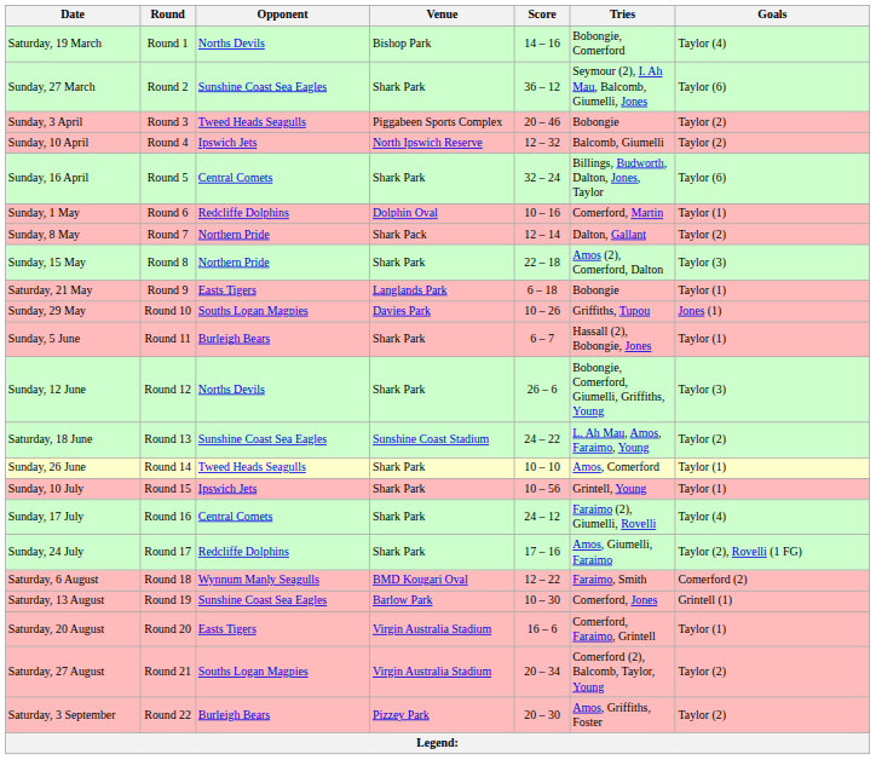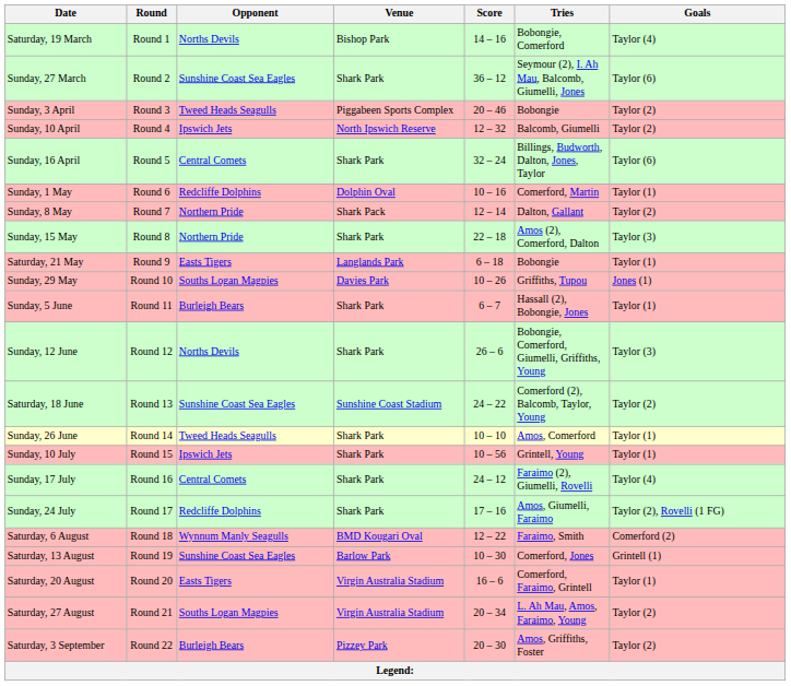 <table class="wikitable" style="font-size:75%;">
 <tr>
 <th style="width:130px;">Date</th>
 <th style="width:50px;">Round</th>
 <th style="width:170px;">Opponent</th>
 <th style="width:140px;">Venue</th>
 <th style="width:50px;">Score</th>
 <th style="width:300x;">Tries</th>
 <th style="width:190px;">Goals</th>
 </tr>
 <tr style="background:#CCFFCC">
 <td>Saturday, 19 March</td>
 <td style="text-align:center;">Round 1</td>
 <td> <a href='#'>Norths Devils</a></td>
 <td>Bishop Park</td>
 <td style="text-align:center;">14 – 16</td>
 <td>Bobongie, Comerford</td>
 <td>Taylor (4)</td>
 </tr>
 <tr style="background:#CCFFCC">
 <td>Sunday, 27 March</td>
 <td style="text-align:center;">Round 2</td>
 <td> <a href='#'>Sunshine Coast Sea Eagles</a></td>
 <td>Shark Park</td>
 <td style="text-align:center;">36 – 12</td>
 <td>Seymour (2), <a href='#'>I. Ah Mau</a>, Balcomb, Giumelli, <a href='#'>Jones</a></td>
 <td>Taylor (6)</td>
 </tr>
 <tr style="background:#FFBBBB">
 <td>Sunday, 3 April</td>
 <td style="text-align:center;">Round 3</td>
 <td> <a href='#'>Tweed Heads Seagulls</a></td>
 <td>Piggabeen Sports Complex</td>
 <td style="text-align:center;">20 – 46</td>
 <td>Bobongie</td>
 <td>Taylor (2)</td>
 </tr>
 <tr style="background:#FFBBBB">
 <td>Sunday, 10 April</td>
 <td style="text-align:center;">Round 4</td>
 <td> <a href='#'>Ipswich Jets</a></td>
 <td><a href='#'>North Ipswich Reserve</a></td>
 <td style="text-align:center;">12 – 32</td>
 <td>Balcomb, Giumelli</td>
 <td>Taylor (2)</td>
 </tr>
 <tr style="background:#CCFFCC">
 <td>Sunday, 16 April</td>
 <td style="text-align:center;">Round 5</td>
 <td> <a href='#'>Central Comets</a></td>
 <td>Shark Park</td>
 <td style="text-align:center;">32 – 24</td>
 <td>Billings, <a href='#'>Budworth</a>, Dalton, <a href='#'>Jones</a>, Taylor</td>
 <td>Taylor (6)</td>
 </tr>
 <tr style="background:#FFBBBB">
 <td>Sunday, 1 May</td>
 <td style="text-align:center;">Round 6</td>
 <td> <a href='#'>Redcliffe Dolphins</a></td>
 <td><a href='#'>Dolphin Oval</a></td>
 <td style="text-align:center;">10 – 16</td>
 <td>Comerford, <a href='#'>Martin</a></td>
 <td>Taylor (1)</td>
 </tr>
 <tr style="background:#FFBBBB">
 <td>Sunday, 8 May</td>
 <td style="text-align:center;">Round 7</td>
 <td> <a href='#'>Northern Pride</a></td>
 <td>Shark Pack</td>
 <td style="text-align:center;">12 – 14</td>
 <td>Dalton, <a href='#'>Gallant</a></td>
 <td>Taylor (2)</td>
 </tr>
 <tr style="background:#CCFFCC">
 <td>Sunday, 15 May</td>
 <td style="text-align:center;">Round 8</td>
 <td> <a href='#'>Northern Pride</a></td>
 <td>Shark Park</td>
 <td style="text-align:center;">22 – 18</td>
 <td><a href='#'>Amos</a> (2), Comerford, Dalton</td>
 <td>Taylor (3)</td>
 </tr>
 <tr style="background:#FFBBBB">
 <td>Saturday, 21 May</td>
 <td style="text-align:center;">Round 9</td>
 <td> <a href='#'>Easts Tigers</a></td>
 <td><a href='#'>Langlands Park</a></td>
 <td style="text-align:center;">6 – 18</td>
 <td>Bobongie</td>
 <td>Taylor (1)</td>
 </tr>
 <tr style="background:#FFBBBB">
 <td>Sunday, 29 May</td>
 <td style="text-align:center;">Round 10</td>
 <td> <a href='#'>Souths Logan Magpies</a></td>
 <td><a href='#'>Davies Park</a></td>
 <td style="text-align:center;">10 – 26</td>
 <td>Griffiths, <a href='#'>Tupou</a></td>
 <td><a href='#'>Jones</a> (1)</td>
 </tr>
 <tr style="background:#FFBBBB">
 <td>Sunday, 5 June</td>
 <td style="text-align:center;">Round 11</td>
 <td> <a href='#'>Burleigh Bears</a></td>
 <td>Shark Park</td>
 <td style="text-align:center;">6 – 7</td>
 <td>Hassall (2), Bobongie, <a href='#'>Jones</a></td>
 <td>Taylor (1)</td>
 </tr>
 <tr style="background:#CCFFCC">
 <td>Sunday, 12 June</td>
 <td style="text-align:center;">Round 12</td>
 <td> <a href='#'>Norths Devils</a></td>
 <td>Shark Park</td>
 <td style="text-align:center;">26 – 6</td>
 <td>Bobongie, Comerford, Giumelli, Griffiths, <a href='#'>Young</a></td>
 <td>Taylor (3)</td>
 </tr>
 <tr style="background:#CCFFCC">
 <td>Saturday, 18 June</td>
 <td style="text-align:center;">Round 13</td>
 <td> <a href='#'>Sunshine Coast Sea Eagles</a></td>
 <td><a href='#'>Sunshine Coast Stadium</a></td>
 <td style="text-align:center;">24 – 22</td>
-<td><a href='#'>L. Ah Mau</a>, <a href='#'>Amos</a>, <a href='#'>Faraimo</a>, <a href='#'>Young</a></td>
+<td>Comerford (2), Balcomb, Taylor, <a href='#'>Young</a></td>
 <td>Taylor (2)</td>
 </tr>
 <tr style="background:#FFFFCC">
 <td>Sunday, 26 June</td>
 <td style="text-align:center;">Round 14</td>
 <td> <a href='#'>Tweed Heads Seagulls</a></td>
 <td>Shark Park</td>
 <td style="text-align:center;">10 – 10</td>
 <td><a href='#'>Amos</a>, Comerford</td>
 <td>Taylor (1)</td>
 </tr>
 <tr style="background:#FFBBBB">
 <td>Sunday, 10 July</td>
 <td style="text-align:center;">Round 15</td>
 <td> <a href='#'>Ipswich Jets</a></td>
 <td>Shark Park</td>
 <td style="text-align:center;">10 – 56</td>
 <td>Grintell, <a href='#'>Young</a></td>
 <td>Taylor (1)</td>
 </tr>
 <tr style="background:#CCFFCC">
 <td>Sunday, 17 July</td>
 <td style="text-align:center;">Round 16</td>
 <td> <a href='#'>Central Comets</a></td>
 <td>Shark Park</td>
 <td style="text-align:center;">24 – 12</td>
 <td><a href='#'>Faraimo</a> (2), Giumelli, <a href='#'>Rovelli</a></td>
 <td>Taylor (4)</td>
 </tr>
 <tr style="background:#CCFFCC">
 <td>Sunday, 24 July</td>
 <td style="text-align:center;">Round 17</td>
 <td> <a href='#'>Redcliffe Dolphins</a></td>
 <td>Shark Park</td>
 <td style="text-align:center;">17 – 16</td>
 <td><a href='#'>Amos</a>, Giumelli, <a href='#'>Faraimo</a></td>
 <td>Taylor (2), <a href='#'>Rovelli</a> (1 FG)</td>
 </tr>
 <tr style="background:#FFBBBB">
 <td>Saturday, 6 August</td>
 <td style="text-align:center;">Round 18</td>
 <td> <a href='#'>Wynnum Manly Seagulls</a></td>
 <td><a href='#'>BMD Kougari Oval</a></td>
 <td style="text-align:center;">12 – 22</td>
 <td><a href='#'>Faraimo</a>, Smith</td>
 <td>Comerford (2)</td>
 </tr>
 <tr style="background:#FFBBBB">
 <td>Saturday, 13 August</td>
 <td style="text-align:center;">Round 19</td>
 <td> <a href='#'>Sunshine Coast Sea Eagles</a></td>
 <td><a href='#'>Barlow Park</a></td>
 <td style="text-align:center;">10 – 30</td>
 <td>Comerford, <a href='#'>Jones</a></td>
 <td>Grintell (1)</td>
 </tr>
 <tr style="background:#FFBBBB">
 <td>Saturday, 20 August</td>
 <td style="text-align:center;">Round 20</td>
 <td> <a href='#'>Easts Tigers</a></td>
 <td><a href='#'>Virgin Australia Stadium</a></td>
 <td style="text-align:center;">16 – 6</td>
 <td>Comerford, <a href='#'>Faraimo</a>, Grintell</td>
 <td>Taylor (1)</td>
 </tr>
 <tr style="background:#FFBBBB">
 <td>Saturday, 27 August</td>
 <td style="text-align:center;">Round 21</td>
 <td> <a href='#'>Souths Logan Magpies</a></td>
 <td><a href='#'>Virgin Australia Stadium</a></td>
 <td style="text-align:center;">20 – 34</td>
-<td>Comerford (2), Balcomb, Taylor, <a href='#'>Young</a></td>
+<td><a href='#'>L. Ah Mau</a>, <a href='#'>Amos</a>, <a href='#'>Faraimo</a>, <a href='#'>Young</a></td>
 <td>Taylor (2)</td>
 </tr>
 <tr style="background:#FFBBBB">
 <td>Saturday, 3 September</td>
 <td style="text-align:center;">Round 22</td>
 <td> <a href='#'>Burleigh Bears</a></td>
 <td><a href='#'>Pizzey Park</a></td>
 <td style="text-align:center;">20 – 30</td>
 <td><a href='#'>Amos</a>, Griffiths, Foster</td>
 <td>Taylor (2)</td>
 </tr>
 <tr>
 <th colspan="11"><strong>Legend</strong>:    </th>
 </tr>
 </table>
